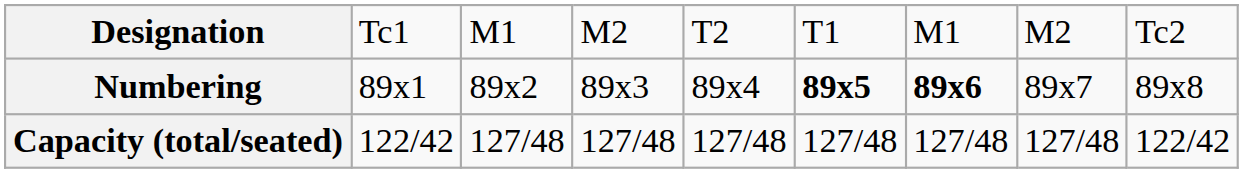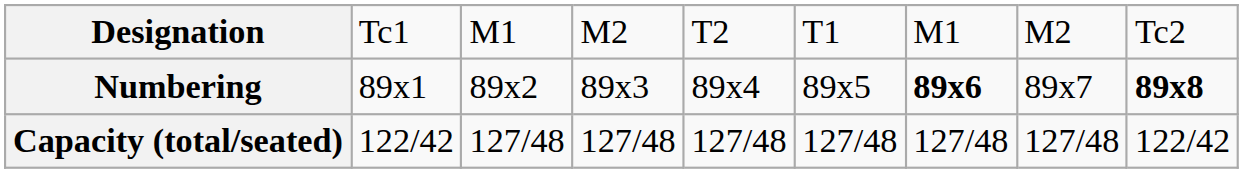 <table class="wikitable">
 <tr>
 <th>Designation</th>
 <td>Tc1</td>
 <td>M1</td>
 <td>M2</td>
 <td>T2</td>
 <td>T1</td>
 <td>M1</td>
 <td>M2</td>
 <td>Tc2</td>
 </tr>
 <tr>
 <th>Numbering</th>
 <td>89x1</td>
 <td>89x2</td>
 <td>89x3</td>
 <td>89x4</td>
-<td><strong>89x5</strong></td>
+<td>89x5</td>
 <td><strong>89x6</strong></td>
 <td>89x7</td>
-<td>89x8</td>
+<td><strong>89x8</strong></td>
 </tr>
 <tr>
 <th>Capacity (total/seated)</th>
 <td>122/42</td>
 <td>127/48</td>
 <td>127/48</td>
 <td>127/48</td>
 <td>127/48</td>
 <td>127/48</td>
 <td>127/48</td>
 <td>122/42</td>
 </tr>
 </table>
